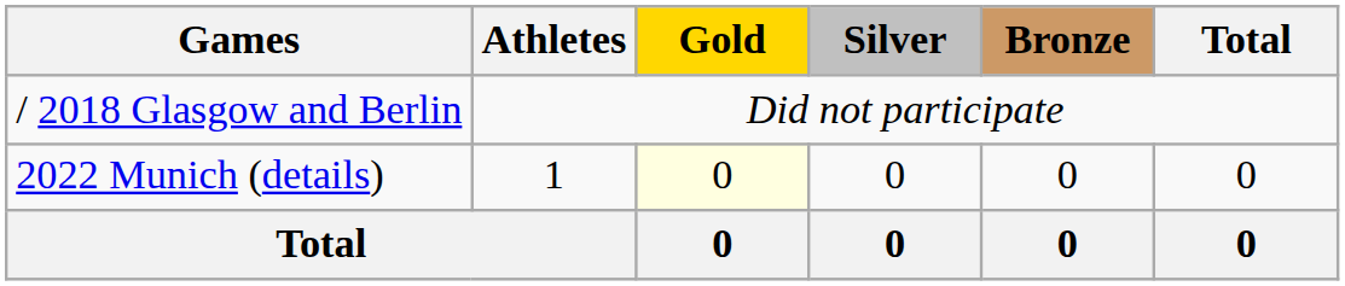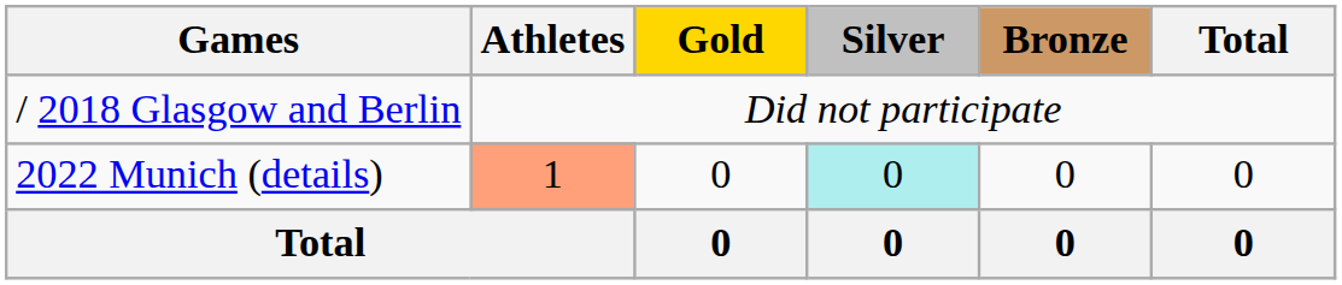 <table class="wikitable" style="text-align:center; font-size:90%;">
 <tr>
 <th>Games</th>
 <th>Athletes</th>
 <td style="background:gold; width:3.7em; font-weight:bold;">Gold</td>
 <td style="background:silver; width:3.7em; font-weight:bold;">Silver</td>
 <td style="background:#cc9966; width:3.7em; font-weight:bold;">Bronze</td>
 <th style="width:4em; font-weight:bold;">Total</th>
 </tr>
 <tr>
 <td align=left>/ <a href='#'>2018 Glasgow and Berlin</a></td>
 <td colspan=5><em>Did not participate</em></td>
 </tr>
 <tr>
 <td align=left> <a href='#'>2022 Munich</a> (<a href='#'>details</a>)</td>
-<td>1</td>
-<td style="background: lightyellow;">0</td>
+<td style="background: lightsalmon;">1</td>
 <td>0</td>
+<td style="background: paleturquoise;">0</td>
 <td>0</td>
 <td>0</td>
 </tr>
 <tr>
 <th colspan=2>Total</th>
 <th>0</th>
 <th>0</th>
 <th>0</th>
 <th>0</th>
 </tr>
 </table>
